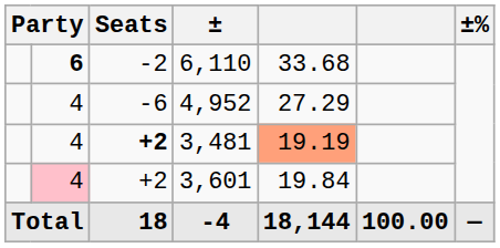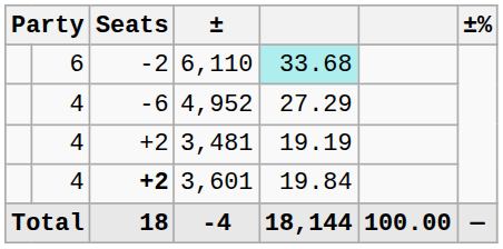 <table class=wikitable>
 <tr>
 <th colspan=2 align=center>Party</th>
 <th>Seats</th>
 <th>±</th>
 <th></th>
 <th></th>
 <th>±%</th>
 </tr>
 <tr>
 <td></td>
-<td align=right><strong>6</strong></td>
+<td align=right>6</td>
 <td align=right>-2</td>
 <td align=right>6,110</td>
-<td align=right>33.68</td>
+<td align=right style="background: paleturquoise;">33.68</td>
 <td align=right></td>
 </tr>
 <tr>
 <td></td>
 <td align=right>4</td>
 <td align=right>-6</td>
 <td align=right>4,952</td>
 <td align=right>27.29</td>
 <td align=right></td>
 </tr>
 <tr>
 <td></td>
 <td align=right>4</td>
-<td align=right><strong>+2</strong></td>
+<td align=right>+2</td>
 <td align=right>3,481</td>
-<td align=right style="background: lightsalmon;">19.19</td>
+<td align=right>19.19</td>
 <td align=right></td>
 </tr>
 <tr>
 <td></td>
-<td align=right style="background: pink;">4</td>
-<td align=right>+2</td>
+<td align=right>4</td>
+<td align=right><strong>+2</strong></td>
 <td align=right>3,601</td>
 <td align=right>19.84</td>
 <td align=right></td>
 </tr>
 <tr style="font-weight:bold; background:rgb(232,232,232);">
 <td colspan=2 align=center>Total</td>
 <td align=right>18</td>
 <td align=center>-4</td>
 <td align=right>18,144</td>
 <td align=center>100.00</td>
 <td align=center>—</td>
 </tr>
 </table>
